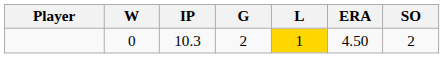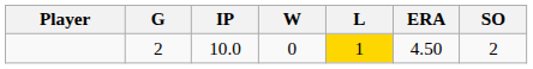 <table class="wikitable sortable">
 <tr>
 <th bgcolor="#DDDDFF" width="16%">Player</th>
+<th bgcolor="#DDDDFF" width="9%">G</th>
+<th bgcolor="#DDDDFF" width="9%">IP</th>
 <th bgcolor="#DDDDFF" width="9%">W</th>
-<th bgcolor="#DDDDFF" width="9%">IP</th>
-<th bgcolor="#DDDDFF" width="9%">G</th>
 <th bgcolor="#DDDDFF" width="9%">L</th>
 <th bgcolor="#DDDDFF" width="9%">ERA</th>
 <th bgcolor="#DDDDFF" width="9%">SO</th>
 </tr>
 <tr align="center">
 <td></td>
+<td>2</td>
+<td>10.0</td>
 <td>0</td>
-<td>10.3</td>
-<td>2</td>
 <td style="background: gold;">1</td>
 <td>4.50</td>
 <td>2</td>
 </tr>
 </table>
